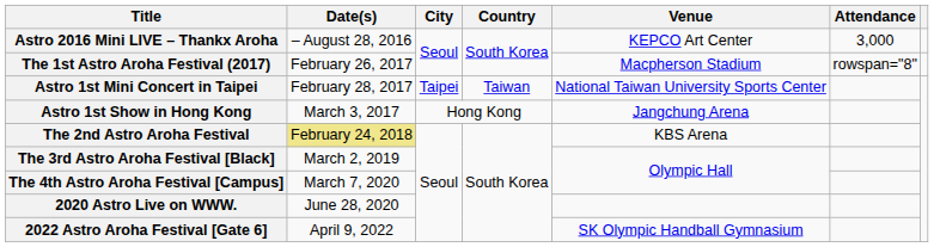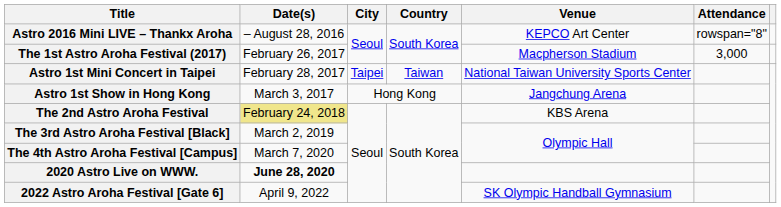 <table class="wikitable sortable plainrowheaders" style="text-align:center">
 <tr>
 <th scope="col">Title</th>
 <th scope="col">Date(s)</th>
 <th scope="col">City</th>
 <th scope="col">Country</th>
 <th scope="col">Venue</th>
 <th scope="col">Attendance</th>
 <th scope="col" class="unsortable"></th>
 </tr>
 <tr>
 <th scope="row">Astro 2016 Mini LIVE – Thankx Aroha</th>
 <td> – August 28, 2016</td>
 <td rowspan="2"><a href='#'>Seoul</a></td>
 <td rowspan="2"><a href='#'>South Korea</a></td>
 <td><a href='#'>KEPCO</a> Art Center</td>
-<td>3,000</td>
+<td>rowspan="8" </td>
 <td></td>
 </tr>
 <tr>
 <th scope="row">The 1st Astro Aroha Festival (2017)</th>
 <td>February 26, 2017</td>
 <td><a href='#'>Macpherson Stadium</a></td>
-<td>rowspan="8" </td>
+<td>3,000</td>
 <td></td>
 </tr>
 <tr>
 <th scope="row">Astro 1st Mini Concert in Taipei</th>
 <td>February 28, 2017</td>
 <td><a href='#'>Taipei</a></td>
 <td><a href='#'>Taiwan</a></td>
 <td><a href='#'>National Taiwan University Sports Center</a></td>
 <td></td>
 </tr>
 <tr>
 <th scope="row">Astro 1st Show in Hong Kong</th>
 <td>March 3, 2017</td>
 <td colspan="2">Hong Kong</td>
 <td><a href='#'>Jangchung Arena</a></td>
 <td></td>
 </tr>
 <tr>
 <th scope="row">The 2nd Astro Aroha Festival</th>
 <td style="background: khaki;">February 24, 2018</td>
 <td rowspan="5">Seoul</td>
 <td rowspan="5">South Korea</td>
 <td>KBS Arena</td>
 <td></td>
 </tr>
 <tr>
 <th scope="row">The 3rd Astro Aroha Festival [Black]</th>
 <td>March 2, 2019</td>
 <td rowspan="2"><a href='#'>Olympic Hall</a></td>
 <td></td>
 </tr>
 <tr>
 <th scope="row">The 4th Astro Aroha Festival [Campus]</th>
 <td>March 7, 2020</td>
 <td></td>
 </tr>
 <tr>
 <th scope="row">2020 Astro Live on WWW.</th>
-<td>June 28, 2020</td>
+<td><strong>June 28, 2020</strong></td>
 <td></td>
 <td></td>
 </tr>
 <tr>
 <th scope="row">2022 Astro Aroha Festival [Gate 6]</th>
 <td>April 9, 2022</td>
 <td><a href='#'>SK Olympic Handball Gymnasium</a></td>
 <td></td>
 </tr>
 </table>
